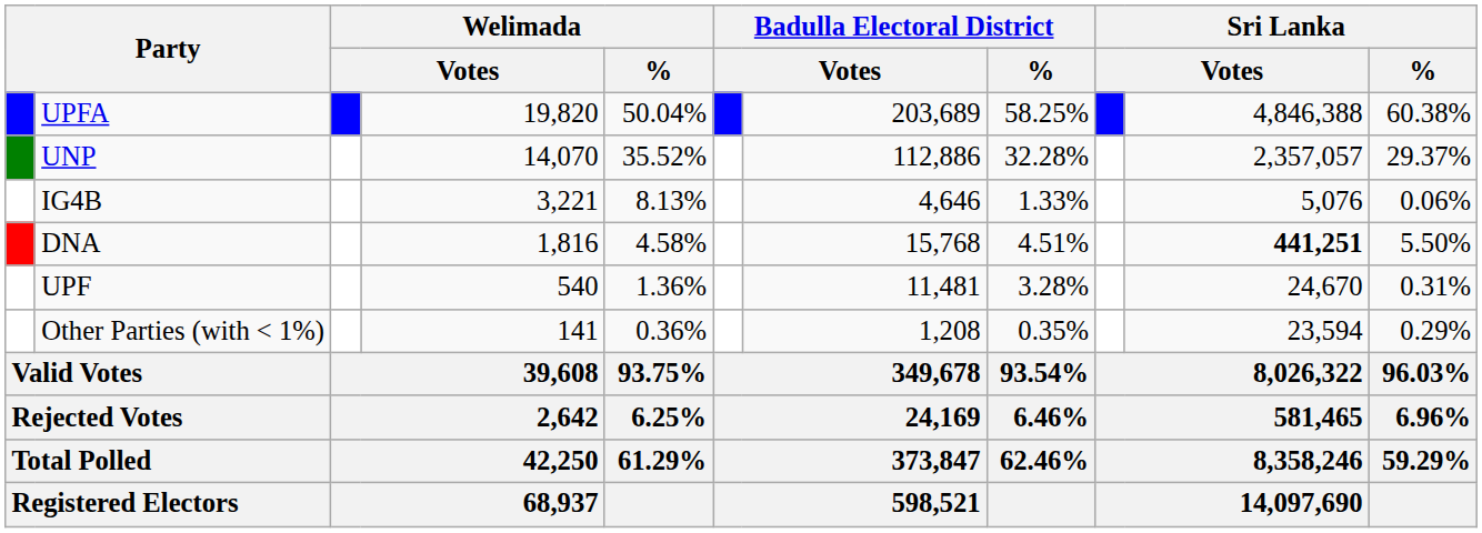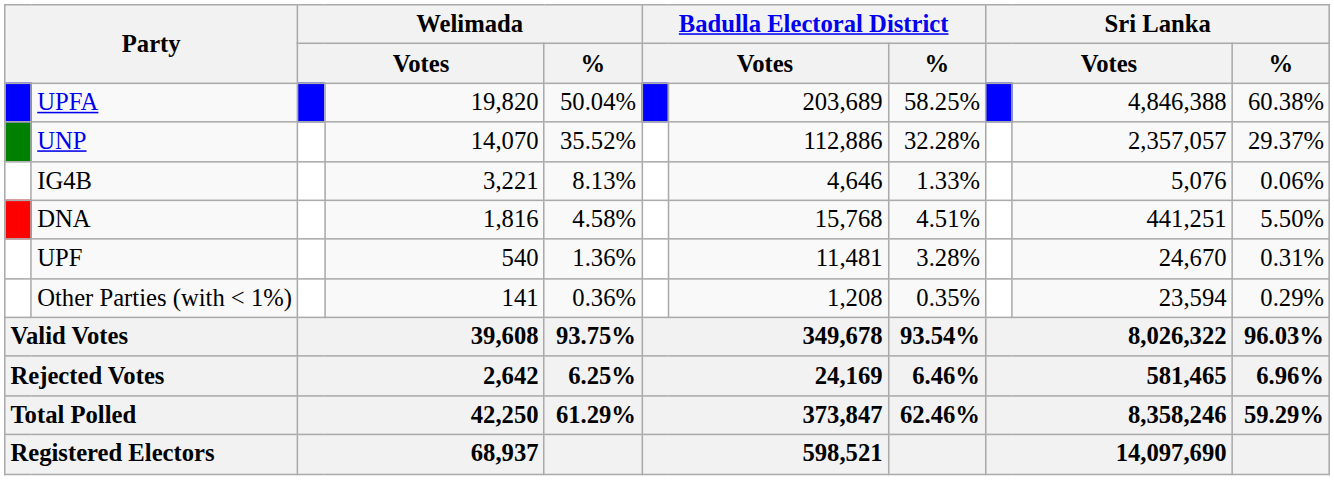 <table class="wikitable">
 <tr>
 <th colspan="2" width="144px"rowspan="2">Party</th>
 <th colspan="3" width="216px">Welimada</th>
 <th colspan="3" width="216px"><a href='#'>Badulla Electoral District</a></th>
 <th colspan="3" width="216px">Sri Lanka</th>
 </tr>
 <tr>
 <th colspan="2" width="144px">Votes</th>
 <th>%</th>
 <th colspan="2" width="144px">Votes</th>
 <th>%</th>
 <th colspan="2" width="144px">Votes</th>
 <th>%</th>
 </tr>
 <tr>
 <td style="background-color:blue;" width="10px"></td>
 <td style="text-align:left;"><a href='#'>UPFA</a></td>
 <td style="background-color:blue;" width="10px"></td>
 <td style="text-align:right;">19,820</td>
 <td style="text-align:right;">50.04%</td>
 <td style="background-color:blue;" width="10px"></td>
 <td style="text-align:right;">203,689</td>
 <td style="text-align:right;">58.25%</td>
 <td style="background-color:blue;" width="10px"></td>
 <td style="text-align:right;">4,846,388</td>
 <td style="text-align:right;">60.38%</td>
 </tr>
 <tr>
 <td style="background-color:green;" width="10px"></td>
 <td style="text-align:left;"><a href='#'>UNP</a></td>
 <td style="background-color:white;" width="10px"></td>
 <td style="text-align:right;">14,070</td>
 <td style="text-align:right;">35.52%</td>
 <td style="background-color:white;" width="10px"></td>
 <td style="text-align:right;">112,886</td>
 <td style="text-align:right;">32.28%</td>
 <td style="background-color:white;" width="10px"></td>
 <td style="text-align:right;">2,357,057</td>
 <td style="text-align:right;">29.37%</td>
 </tr>
 <tr>
 <td style="background-color:white;" width="10px"></td>
 <td style="text-align:left;">IG4B</td>
 <td style="background-color:white;" width="10px"></td>
 <td style="text-align:right;">3,221</td>
 <td style="text-align:right;">8.13%</td>
 <td style="background-color:white;" width="10px"></td>
 <td style="text-align:right;">4,646</td>
 <td style="text-align:right;">1.33%</td>
 <td style="background-color:white;" width="10px"></td>
 <td style="text-align:right;">5,076</td>
 <td style="text-align:right;">0.06%</td>
 </tr>
 <tr>
 <td style="background-color:red;" width="10px"></td>
 <td style="text-align:left;">DNA</td>
 <td style="background-color:white;" width="10px"></td>
 <td style="text-align:right;">1,816</td>
 <td style="text-align:right;">4.58%</td>
 <td style="background-color:white;" width="10px"></td>
 <td style="text-align:right;">15,768</td>
 <td style="text-align:right;">4.51%</td>
 <td style="background-color:white;" width="10px"></td>
-<td style="text-align:right;"><strong>441,251</strong></td>
+<td style="text-align:right;">441,251</td>
 <td style="text-align:right;">5.50%</td>
 </tr>
 <tr>
 <td style="background-color:white;" width="10px"></td>
 <td style="text-align:left;">UPF</td>
 <td style="background-color:white;" width="10px"></td>
 <td style="text-align:right;">540</td>
 <td style="text-align:right;">1.36%</td>
 <td style="background-color:white;" width="10px"></td>
 <td style="text-align:right;">11,481</td>
 <td style="text-align:right;">3.28%</td>
 <td style="background-color:white;" width="10px"></td>
 <td style="text-align:right;">24,670</td>
 <td style="text-align:right;">0.31%</td>
 </tr>
 <tr>
 <td style="background-color:white;" width="10px"></td>
 <td style="text-align:left;">Other Parties (with < 1%)</td>
 <td style="background-color:white;" width="10px"></td>
 <td style="text-align:right;">141</td>
 <td style="text-align:right;">0.36%</td>
 <td style="background-color:white;" width="10px"></td>
 <td style="text-align:right;">1,208</td>
 <td style="text-align:right;">0.35%</td>
 <td style="background-color:white;" width="10px"></td>
 <td style="text-align:right;">23,594</td>
 <td style="text-align:right;">0.29%</td>
 </tr>
 <tr>
 <th colspan="2" width="144px"style="text-align:left;">Valid Votes</th>
 <th style="text-align:right;"colspan="2" width="144px">39,608</th>
 <th style="text-align:right;">93.75%</th>
 <th style="text-align:right;"colspan="2" width="144px">349,678</th>
 <th style="text-align:right;">93.54%</th>
 <th style="text-align:right;"colspan="2" width="144px">8,026,322</th>
 <th style="text-align:right;">96.03%</th>
 </tr>
 <tr>
 <th colspan="2" width="144px"style="text-align:left;">Rejected Votes</th>
 <th style="text-align:right;"colspan="2" width="144px">2,642</th>
 <th style="text-align:right;">6.25%</th>
 <th style="text-align:right;"colspan="2" width="144px">24,169</th>
 <th style="text-align:right;">6.46%</th>
 <th style="text-align:right;"colspan="2" width="144px">581,465</th>
 <th style="text-align:right;">6.96%</th>
 </tr>
 <tr>
 <th colspan="2" width="144px"style="text-align:left;">Total Polled</th>
 <th style="text-align:right;"colspan="2" width="144px">42,250</th>
 <th style="text-align:right;">61.29%</th>
 <th style="text-align:right;"colspan="2" width="144px">373,847</th>
 <th style="text-align:right;">62.46%</th>
 <th style="text-align:right;"colspan="2" width="144px">8,358,246</th>
 <th style="text-align:right;">59.29%</th>
 </tr>
 <tr>
 <th colspan="2" width="144px"style="text-align:left;">Registered Electors</th>
 <th style="text-align:right;"colspan="2" width="144px">68,937</th>
 <th></th>
 <th style="text-align:right;"colspan="2" width="144px">598,521</th>
 <th></th>
 <th style="text-align:right;"colspan="2" width="144px">14,097,690</th>
 <th></th>
 </tr>
 </table>
